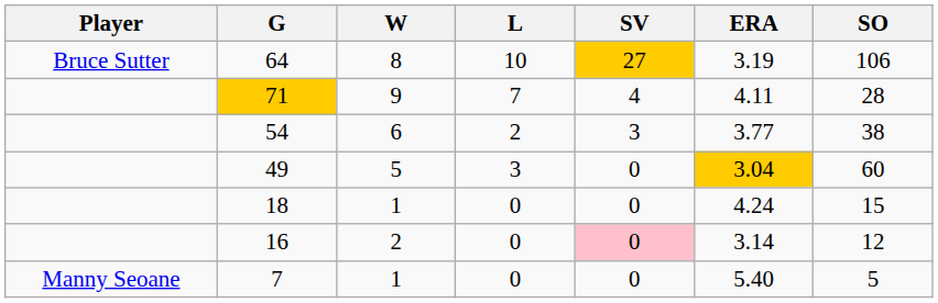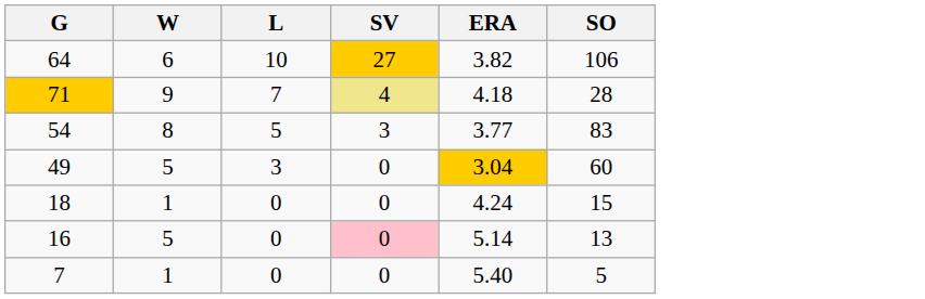 <table class="wikitable sortable">
 <tr>
-<th bgcolor="#DDDDFF" width="16%">Player</th>
 <th bgcolor="#DDDDFF" width="9%">G</th>
 <th bgcolor="#DDDDFF" width="9%">W</th>
 <th bgcolor="#DDDDFF" width="9%">L</th>
 <th bgcolor="#DDDDFF" width="9%">SV</th>
 <th bgcolor="#DDDDFF" width="9%">ERA</th>
 <th bgcolor="#DDDDFF" width="9%">SO</th>
 </tr>
 <tr align="center">
-<td><a href='#'>Bruce Sutter</a></td>
 <td>64</td>
-<td>8</td>
+<td>6</td>
 <td>10</td>
 <td style="background:#fc0;">27</td>
-<td>3.19</td>
+<td>3.82</td>
 <td>106</td>
 </tr>
 <tr align=center>
-<td></td>
 <td style="background:#fc0;">71</td>
 <td>9</td>
 <td>7</td>
-<td>4</td>
-<td>4.11</td>
+<td style="background: khaki;">4</td>
+<td>4.18</td>
 <td>28</td>
 </tr>
 <tr align="center">
-<td></td>
 <td>54</td>
-<td>6</td>
-<td>2</td>
+<td>8</td>
+<td>5</td>
 <td>3</td>
 <td>3.77</td>
-<td>38</td>
+<td>83</td>
 </tr>
 <tr align="center">
-<td></td>
 <td>49</td>
 <td>5</td>
 <td>3</td>
 <td>0</td>
 <td style="background:#fc0;">3.04</td>
 <td>60</td>
 </tr>
 <tr align="center">
-<td></td>
 <td>18</td>
 <td>1</td>
 <td>0</td>
 <td>0</td>
 <td>4.24</td>
 <td>15</td>
 </tr>
 <tr align="center">
-<td></td>
 <td>16</td>
-<td>2</td>
+<td>5</td>
 <td>0</td>
 <td style="background: pink;">0</td>
-<td>3.14</td>
-<td>12</td>
+<td>5.14</td>
+<td>13</td>
 </tr>
 <tr align="center">
-<td><a href='#'>Manny Seoane</a></td>
 <td>7</td>
 <td>1</td>
 <td>0</td>
 <td>0</td>
 <td>5.40</td>
 <td>5</td>
 </tr>
 </table>
